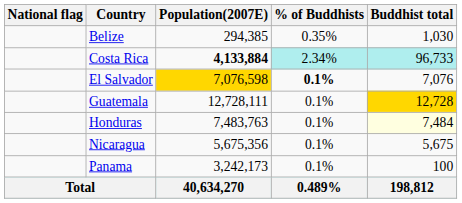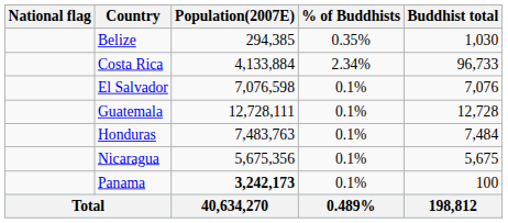 <table class="sortable wikitable">
 <tr>
 <th>National flag</th>
 <th>Country</th>
 <th>Population(2007E)</th>
 <th>% of Buddhists</th>
 <th>Buddhist total</th>
 </tr>
 <tr>
 <td align="center"></td>
 <td><a href='#'>Belize</a></td>
 <td align="right">294,385</td>
 <td align="center">0.35% </td>
 <td align="right">1,030</td>
 </tr>
 <tr>
 <td align="center"></td>
 <td><a href='#'>Costa Rica</a></td>
-<td align="right"><strong>4,133,884</strong></td>
-<td align="center" style="background: paleturquoise;">2.34% </td>
-<td align="right" style="background: paleturquoise;">96,733</td>
+<td align="right">4,133,884</td>
+<td align="center">2.34% </td>
+<td align="right">96,733</td>
 </tr>
 <tr>
 <td align="center"></td>
 <td><a href='#'>El Salvador</a></td>
-<td align="right" style="background: gold;">7,076,598</td>
-<td align="center"><strong>0.1% </strong></td>
+<td align="right">7,076,598</td>
+<td align="center">0.1% </td>
 <td align="right">7,076</td>
 </tr>
 <tr>
 <td align="center"></td>
 <td><a href='#'>Guatemala</a></td>
 <td align="right">12,728,111</td>
 <td align="center">0.1% </td>
-<td align="right" style="background: gold;">12,728</td>
+<td align="right">12,728</td>
 </tr>
 <tr>
 <td align="center"></td>
 <td><a href='#'>Honduras</a></td>
 <td align="right">7,483,763</td>
 <td align="center">0.1% </td>
-<td align="right" style="background: lightyellow;">7,484</td>
+<td align="right">7,484</td>
 </tr>
 <tr>
 <td align="center"></td>
 <td><a href='#'>Nicaragua</a></td>
 <td align="right">5,675,356</td>
 <td align="center">0.1% </td>
 <td align="right">5,675</td>
 </tr>
 <tr>
 <td align="center"></td>
 <td><a href='#'>Panama</a></td>
-<td align="right">3,242,173</td>
+<td align="right"><strong>3,242,173</strong></td>
 <td align="center">0.1%</td>
 <td align="right">100</td>
 </tr>
 <tr bgcolor=#99FFFF>
 <th colspan="2">Total</th>
 <th align="right">40,634,270</th>
 <th align="center">0.489%</th>
 <th align="right">198,812</th>
 </tr>
 </table>
